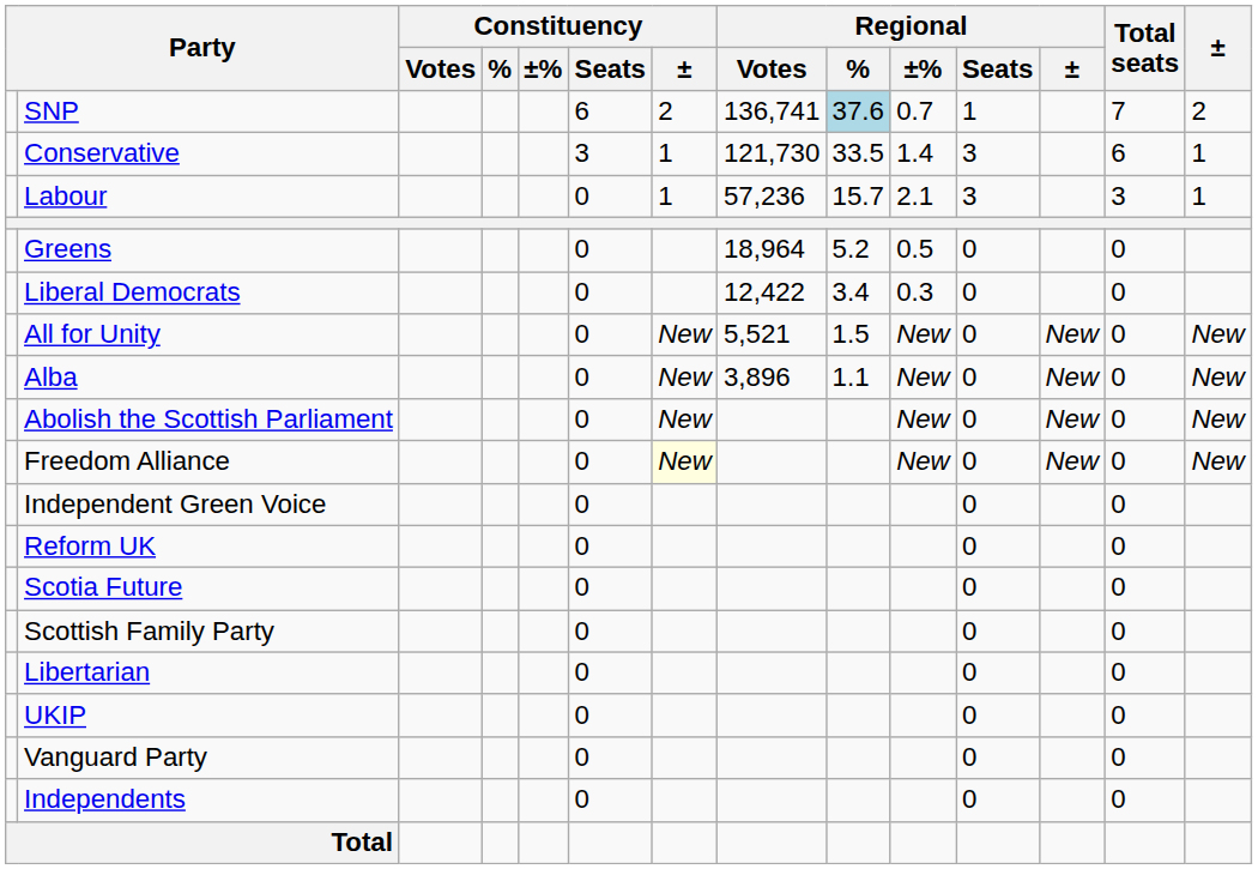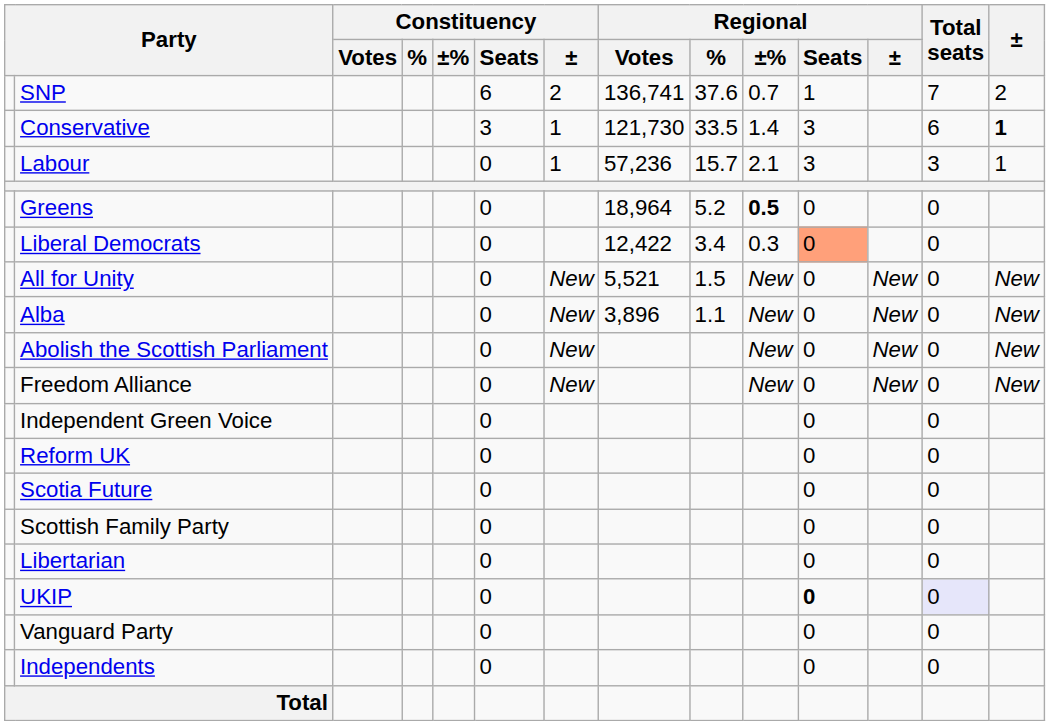 <table class="wikitable sortable">
 <tr>
 <th colspan="2" rowspan="2">Party</th>
 <th colspan="5">Constituency</th>
 <th colspan="5">Regional</th>
 <th rowspan="2">Total<br>seats</th>
 <th rowspan="2">±</th>
 </tr>
 <tr>
 <th>Votes</th>
 <th>%</th>
 <th>±%</th>
 <th>Seats</th>
 <th>±</th>
 <th>Votes</th>
 <th>%</th>
 <th>±%</th>
 <th>Seats</th>
 <th>±</th>
 </tr>
 <tr>
 <td style="color:inherit;background:"></td>
 <td><a href='#'>SNP</a></td>
 <td></td>
 <td></td>
 <td></td>
 <td>6</td>
 <td>2</td>
 <td>136,741</td>
-<td style="background: lightblue;">37.6</td>
+<td>37.6</td>
 <td>0.7</td>
 <td>1</td>
 <td></td>
 <td>7</td>
 <td>2</td>
 </tr>
 <tr>
 <td style="color:inherit;background:"></td>
 <td><a href='#'>Conservative</a></td>
 <td></td>
 <td></td>
 <td></td>
 <td>3</td>
 <td>1</td>
 <td>121,730</td>
 <td>33.5</td>
 <td>1.4</td>
 <td>3</td>
 <td></td>
 <td>6</td>
-<td>1</td>
+<td><strong>1</strong></td>
 </tr>
 <tr>
 <td style="color:inherit;background:"></td>
 <td><a href='#'>Labour</a></td>
 <td></td>
 <td></td>
 <td></td>
 <td>0</td>
 <td>1</td>
 <td>57,236</td>
 <td>15.7</td>
 <td>2.1</td>
 <td>3</td>
 <td></td>
 <td>3</td>
 <td>1</td>
 </tr>
 <tr>
 <th colspan=14></th>
 </tr>
 <tr>
 <td style="color:inherit;background:"></td>
 <td><a href='#'>Greens</a></td>
 <td></td>
 <td></td>
 <td></td>
 <td>0</td>
 <td></td>
 <td>18,964</td>
 <td>5.2</td>
-<td>0.5</td>
+<td><strong>0.5</strong></td>
 <td>0</td>
 <td></td>
 <td>0</td>
 <td></td>
 </tr>
 <tr>
 <td style="color:inherit;background:"></td>
 <td><a href='#'>Liberal Democrats</a></td>
 <td></td>
 <td></td>
 <td></td>
 <td>0</td>
 <td></td>
 <td>12,422</td>
 <td>3.4</td>
 <td>0.3</td>
-<td>0</td>
+<td style="background: lightsalmon;">0</td>
 <td></td>
 <td>0</td>
 <td></td>
 </tr>
 <tr>
 <td style="color:inherit;background:"></td>
 <td><a href='#'>All for Unity</a></td>
 <td></td>
 <td></td>
 <td></td>
 <td>0</td>
 <td><em>New</em></td>
 <td>5,521</td>
 <td>1.5</td>
 <td><em>New</em></td>
 <td>0</td>
 <td><em>New</em></td>
 <td>0</td>
 <td><em>New</em></td>
 </tr>
 <tr>
 <td style="color:inherit;background:"></td>
 <td><a href='#'>Alba</a></td>
 <td></td>
 <td></td>
 <td></td>
 <td>0</td>
 <td><em>New</em></td>
 <td>3,896</td>
 <td>1.1</td>
 <td><em>New</em></td>
 <td>0</td>
 <td><em>New</em></td>
 <td>0</td>
 <td><em>New</em></td>
 </tr>
 <tr>
 <td style="color:inherit;background:"></td>
 <td><a href='#'>Abolish the Scottish Parliament</a></td>
 <td></td>
 <td></td>
 <td></td>
 <td>0</td>
 <td><em>New</em></td>
 <td></td>
 <td></td>
 <td><em>New</em></td>
 <td>0</td>
 <td><em>New</em></td>
 <td>0</td>
 <td><em>New</em></td>
 </tr>
 <tr>
 <td style="color:inherit;background:"></td>
 <td>Freedom Alliance</td>
 <td></td>
 <td></td>
 <td></td>
 <td>0</td>
-<td style="background: lightyellow;"><em>New</em></td>
+<td><em>New</em></td>
 <td></td>
 <td></td>
 <td><em>New</em></td>
 <td>0</td>
 <td><em>New</em></td>
 <td>0</td>
 <td><em>New</em></td>
 </tr>
 <tr>
 <td style="color:inherit;background:"></td>
 <td>Independent Green Voice</td>
 <td></td>
 <td></td>
 <td></td>
 <td>0</td>
 <td></td>
 <td></td>
 <td></td>
 <td></td>
 <td>0</td>
 <td></td>
 <td>0</td>
 <td></td>
 </tr>
 <tr>
 <td style="color:inherit;background:"></td>
 <td><a href='#'>Reform UK</a></td>
 <td></td>
 <td></td>
 <td></td>
 <td>0</td>
 <td></td>
 <td></td>
 <td></td>
 <td></td>
 <td>0</td>
 <td></td>
 <td>0</td>
 <td></td>
 </tr>
 <tr>
 <td style="color:inherit;background:"></td>
 <td><a href='#'>Scotia Future</a></td>
 <td></td>
 <td></td>
 <td></td>
 <td>0</td>
 <td></td>
 <td></td>
 <td></td>
 <td></td>
 <td>0</td>
 <td></td>
 <td>0</td>
 <td></td>
 </tr>
 <tr>
 <td style="color:inherit;background:"></td>
 <td>Scottish Family Party</td>
 <td></td>
 <td></td>
 <td></td>
 <td>0</td>
 <td></td>
 <td></td>
 <td></td>
 <td></td>
 <td>0</td>
 <td></td>
 <td>0</td>
 <td></td>
 </tr>
 <tr>
 <td style="color:inherit;background:"></td>
 <td><a href='#'>Libertarian</a></td>
 <td></td>
 <td></td>
 <td></td>
 <td>0</td>
 <td></td>
 <td></td>
 <td></td>
 <td></td>
 <td>0</td>
 <td></td>
 <td>0</td>
 <td></td>
 </tr>
 <tr>
 <td style="color:inherit;background:"></td>
 <td><a href='#'>UKIP</a></td>
 <td></td>
 <td></td>
 <td></td>
 <td>0</td>
 <td></td>
 <td></td>
 <td></td>
 <td></td>
-<td>0</td>
+<td><strong>0</strong></td>
 <td></td>
-<td>0</td>
+<td style="background: lavender;">0</td>
 <td></td>
 </tr>
 <tr>
 <td style="color:inherit;background:"></td>
 <td>Vanguard Party</td>
 <td></td>
 <td></td>
 <td></td>
 <td>0</td>
 <td></td>
 <td></td>
 <td></td>
 <td></td>
 <td>0</td>
 <td></td>
 <td>0</td>
 <td></td>
 </tr>
 <tr>
 <td style="color:inherit;background:"></td>
 <td><a href='#'>Independents</a></td>
 <td></td>
 <td></td>
 <td></td>
 <td>0</td>
 <td></td>
 <td></td>
 <td></td>
 <td></td>
 <td>0</td>
 <td></td>
 <td>0</td>
 <td></td>
 </tr>
 <tr class="sortbottom">
 <th colspan="2" style="text-align:right;"><strong>Total</strong></th>
 <td></td>
 <td></td>
 <td></td>
 <td></td>
 <td></td>
 <td></td>
 <td></td>
 <td></td>
 <td></td>
 <td></td>
 <td></td>
 <td></td>
 </tr>
 </table>
